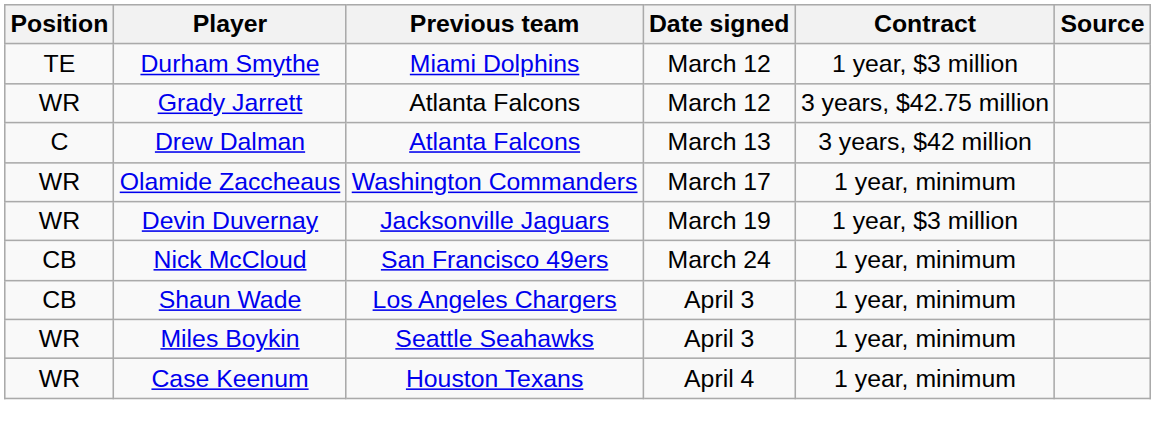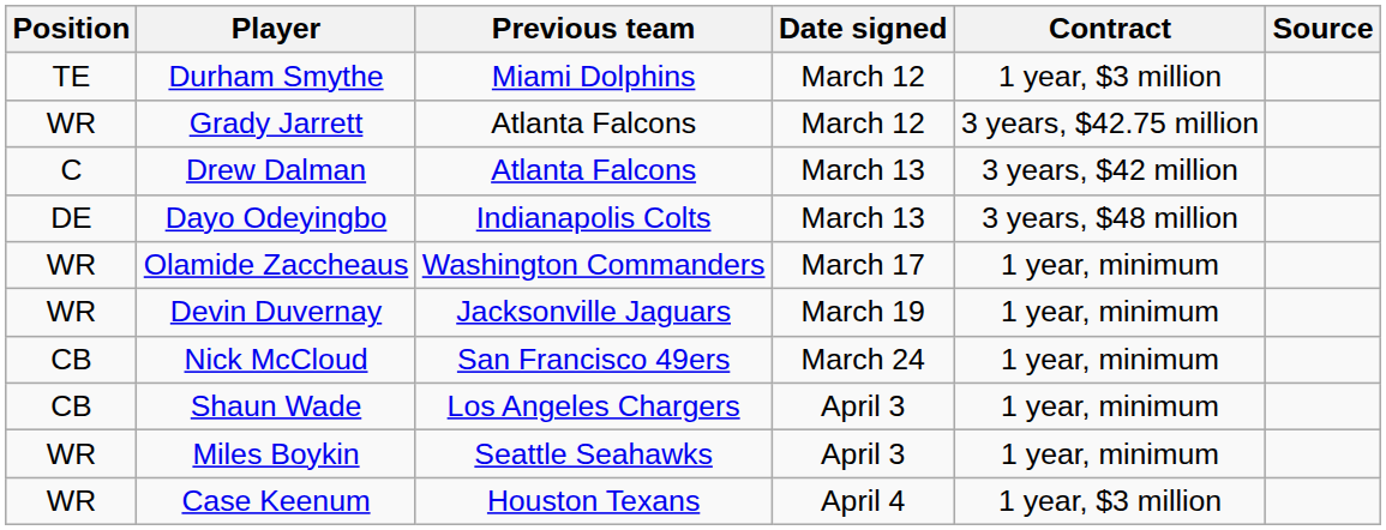 <table class="wikitable" style="text-align:center">
 <tr>
 <th>Position</th>
 <th>Player</th>
 <th>Previous team</th>
 <th>Date signed</th>
 <th>Contract</th>
 <th>Source</th>
 </tr>
 <tr>
 <td>TE</td>
 <td><a href='#'>Durham Smythe</a></td>
 <td><a href='#'>Miami Dolphins</a></td>
 <td>March 12</td>
 <td>1 year, $3 million</td>
 <td></td>
 </tr>
 <tr>
 <td>WR</td>
 <td><a href='#'>Grady Jarrett</a></td>
 <td>Atlanta Falcons</td>
 <td>March 12</td>
 <td>3 years, $42.75 million</td>
 <td></td>
 </tr>
 <tr>
 <td>C</td>
 <td><a href='#'>Drew Dalman</a></td>
 <td><a href='#'>Atlanta Falcons</a></td>
 <td>March 13</td>
 <td>3 years, $42 million</td>
 <td></td>
 </tr>
 <tr>
+<td>DE</td>
+<td><a href='#'>Dayo Odeyingbo</a></td>
+<td><a href='#'>Indianapolis Colts</a></td>
+<td>March 13</td>
+<td>3 years, $48 million</td>
+<td></td>
+</tr>
+<tr>
 <td>WR</td>
 <td><a href='#'>Olamide Zaccheaus</a></td>
 <td><a href='#'>Washington Commanders</a></td>
 <td>March 17</td>
 <td>1 year, minimum</td>
 <td></td>
 </tr>
 <tr>
 <td>WR</td>
 <td><a href='#'>Devin Duvernay</a></td>
 <td><a href='#'>Jacksonville Jaguars</a></td>
 <td>March 19</td>
-<td>1 year, $3 million</td>
+<td>1 year, minimum</td>
 <td></td>
 </tr>
 <tr>
 <td>CB</td>
 <td><a href='#'>Nick McCloud</a></td>
 <td><a href='#'>San Francisco 49ers</a></td>
 <td>March 24</td>
 <td>1 year, minimum</td>
 <td></td>
 </tr>
 <tr>
 <td>CB</td>
 <td><a href='#'>Shaun Wade</a></td>
 <td><a href='#'>Los Angeles Chargers</a></td>
 <td>April 3</td>
 <td>1 year, minimum</td>
 <td></td>
 </tr>
 <tr>
 <td>WR</td>
 <td><a href='#'>Miles Boykin</a></td>
 <td><a href='#'>Seattle Seahawks</a></td>
 <td>April 3</td>
 <td>1 year, minimum</td>
 <td></td>
 </tr>
 <tr>
 <td>WR</td>
 <td><a href='#'>Case Keenum</a></td>
 <td><a href='#'>Houston Texans</a></td>
 <td>April 4</td>
-<td>1 year, minimum</td>
+<td>1 year, $3 million</td>
 <td></td>
 </tr>
 </table>
